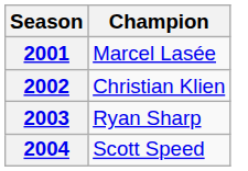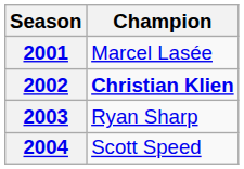 <table class="wikitable" style="font-size:85%;">
 <tr>
 <th>Season</th>
 <th>Champion</th>
 </tr>
 <tr>
 <th><a href='#'>2001</a></th>
 <td> <a href='#'>Marcel Lasée</a></td>
 </tr>
 <tr>
 <th><a href='#'>2002</a></th>
-<td> <a href='#'>Christian Klien</a></td>
+<td><strong> <a href='#'>Christian Klien</a></strong></td>
 </tr>
 <tr>
 <th><a href='#'>2003</a></th>
 <td> <a href='#'>Ryan Sharp</a></td>
 </tr>
 <tr>
 <th><a href='#'>2004</a></th>
 <td> <a href='#'>Scott Speed</a></td>
 </tr>
 </table>
